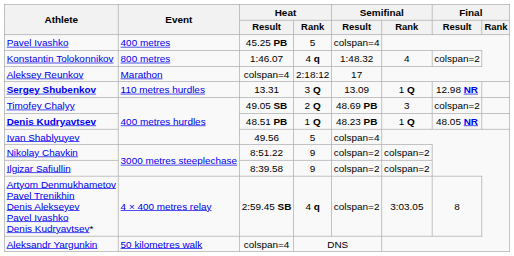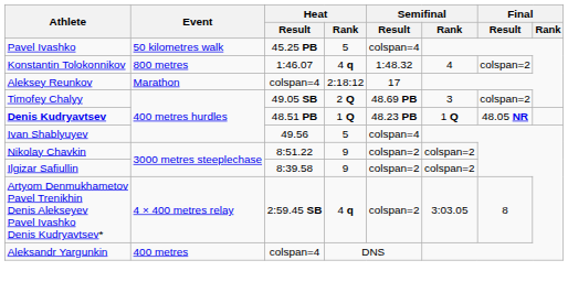 <table class="wikitable" style="font-size:90%">
 <tr>
 <th rowspan="2">Athlete</th>
 <th rowspan="2">Event</th>
 <th colspan="2">Heat</th>
 <th colspan="2">Semifinal</th>
 <th colspan="2">Final</th>
 </tr>
 <tr style="font-size:95%">
 <th>Result</th>
 <th>Rank</th>
 <th>Result</th>
 <th>Rank</th>
 <th>Result</th>
 <th>Rank</th>
 </tr>
 <tr style=text-align:center>
 <td style=text-align:left><a href='#'>Pavel Ivashko</a></td>
-<td style=text-align:left><a href='#'>400 metres</a></td>
+<td style=text-align:left><a href='#'>50 kilometres walk</a></td>
 <td>45.25 <strong>PB</strong></td>
 <td>5</td>
 <td>colspan=4 </td>
 </tr>
 <tr style=text-align:center>
 <td style=text-align:left><a href='#'>Konstantin Tolokonnikov</a></td>
 <td style=text-align:left><a href='#'>800 metres</a></td>
 <td>1:46.07</td>
 <td>4 <strong>q</strong></td>
 <td>1:48.32</td>
 <td>4</td>
 <td>colspan=2 </td>
 </tr>
 <tr style=text-align:center>
 <td style=text-align:left><a href='#'>Aleksey Reunkov</a></td>
 <td style=text-align:left><a href='#'>Marathon</a></td>
 <td>colspan=4 </td>
 <td>2:18:12</td>
 <td>17</td>
-</tr>
-<tr style=text-align:center>
-<td style=text-align:left><strong><a href='#'>Sergey Shubenkov</a></strong></td>
-<td style=text-align:left><a href='#'>110 metres hurdles</a></td>
-<td>13.31</td>
-<td>3 <strong>Q</strong></td>
-<td>13.09</td>
-<td>1 <strong>Q</strong></td>
-<td>12.98 <a href='#'><strong>NR</strong></a></td>
-<td></td>
 </tr>
 <tr style=text-align:center>
 <td style=text-align:left><a href='#'>Timofey Chalyy</a></td>
 <td style=text-align:left rowspan=3><a href='#'>400 metres hurdles</a></td>
 <td>49.05 <strong>SB</strong></td>
 <td>2 <strong>Q</strong></td>
 <td>48.69 <strong>PB</strong></td>
 <td>3</td>
 <td>colspan=2 </td>
 </tr>
 <tr style=text-align:center>
 <td style=text-align:left><strong><a href='#'>Denis Kudryavtsev</a></strong></td>
 <td>48.51 <strong>PB</strong></td>
 <td>1 <strong>Q</strong></td>
 <td>48.23 <strong>PB</strong></td>
 <td>1 <strong>Q</strong></td>
 <td>48.05 <a href='#'><strong>NR</strong></a></td>
 <td></td>
 </tr>
 <tr style=text-align:center>
 <td style=text-align:left><a href='#'>Ivan Shablyuyev</a></td>
 <td>49.56</td>
 <td>5</td>
 <td>colspan=4 </td>
 </tr>
 <tr style=text-align:center>
 <td style=text-align:left><a href='#'>Nikolay Chavkin</a></td>
 <td style=text-align:left rowspan=2><a href='#'>3000 metres steeplechase</a></td>
 <td>8:51.22</td>
 <td>9</td>
 <td>colspan=2 </td>
 <td>colspan=2 </td>
 </tr>
 <tr style=text-align:center>
 <td style=text-align:left><a href='#'>Ilgizar Safiullin</a></td>
 <td>8:39.58</td>
 <td>9</td>
 <td>colspan=2 </td>
 <td>colspan=2 </td>
 </tr>
 <tr style=text-align:center>
 <td style=text-align:left><a href='#'>Artyom Denmukhametov</a><br><a href='#'>Pavel Trenikhin</a><br><a href='#'>Denis Alekseyev</a><br><a href='#'>Pavel Ivashko</a><br><a href='#'>Denis Kudryavtsev</a>*</td>
 <td style=text-align:left><a href='#'>4 × 400 metres relay</a></td>
 <td>2:59.45 <strong>SB</strong></td>
 <td>4 <strong>q</strong></td>
 <td>colspan=2 </td>
 <td>3:03.05</td>
 <td>8</td>
 </tr>
 <tr style=text-align:center>
 <td style=text-align:left><a href='#'>Aleksandr Yargunkin</a></td>
-<td style=text-align:left><a href='#'>50 kilometres walk</a></td>
+<td style=text-align:left><a href='#'>400 metres</a></td>
 <td>colspan=4 </td>
 <td colspan=2>DNS</td>
 </tr>
 </table>
